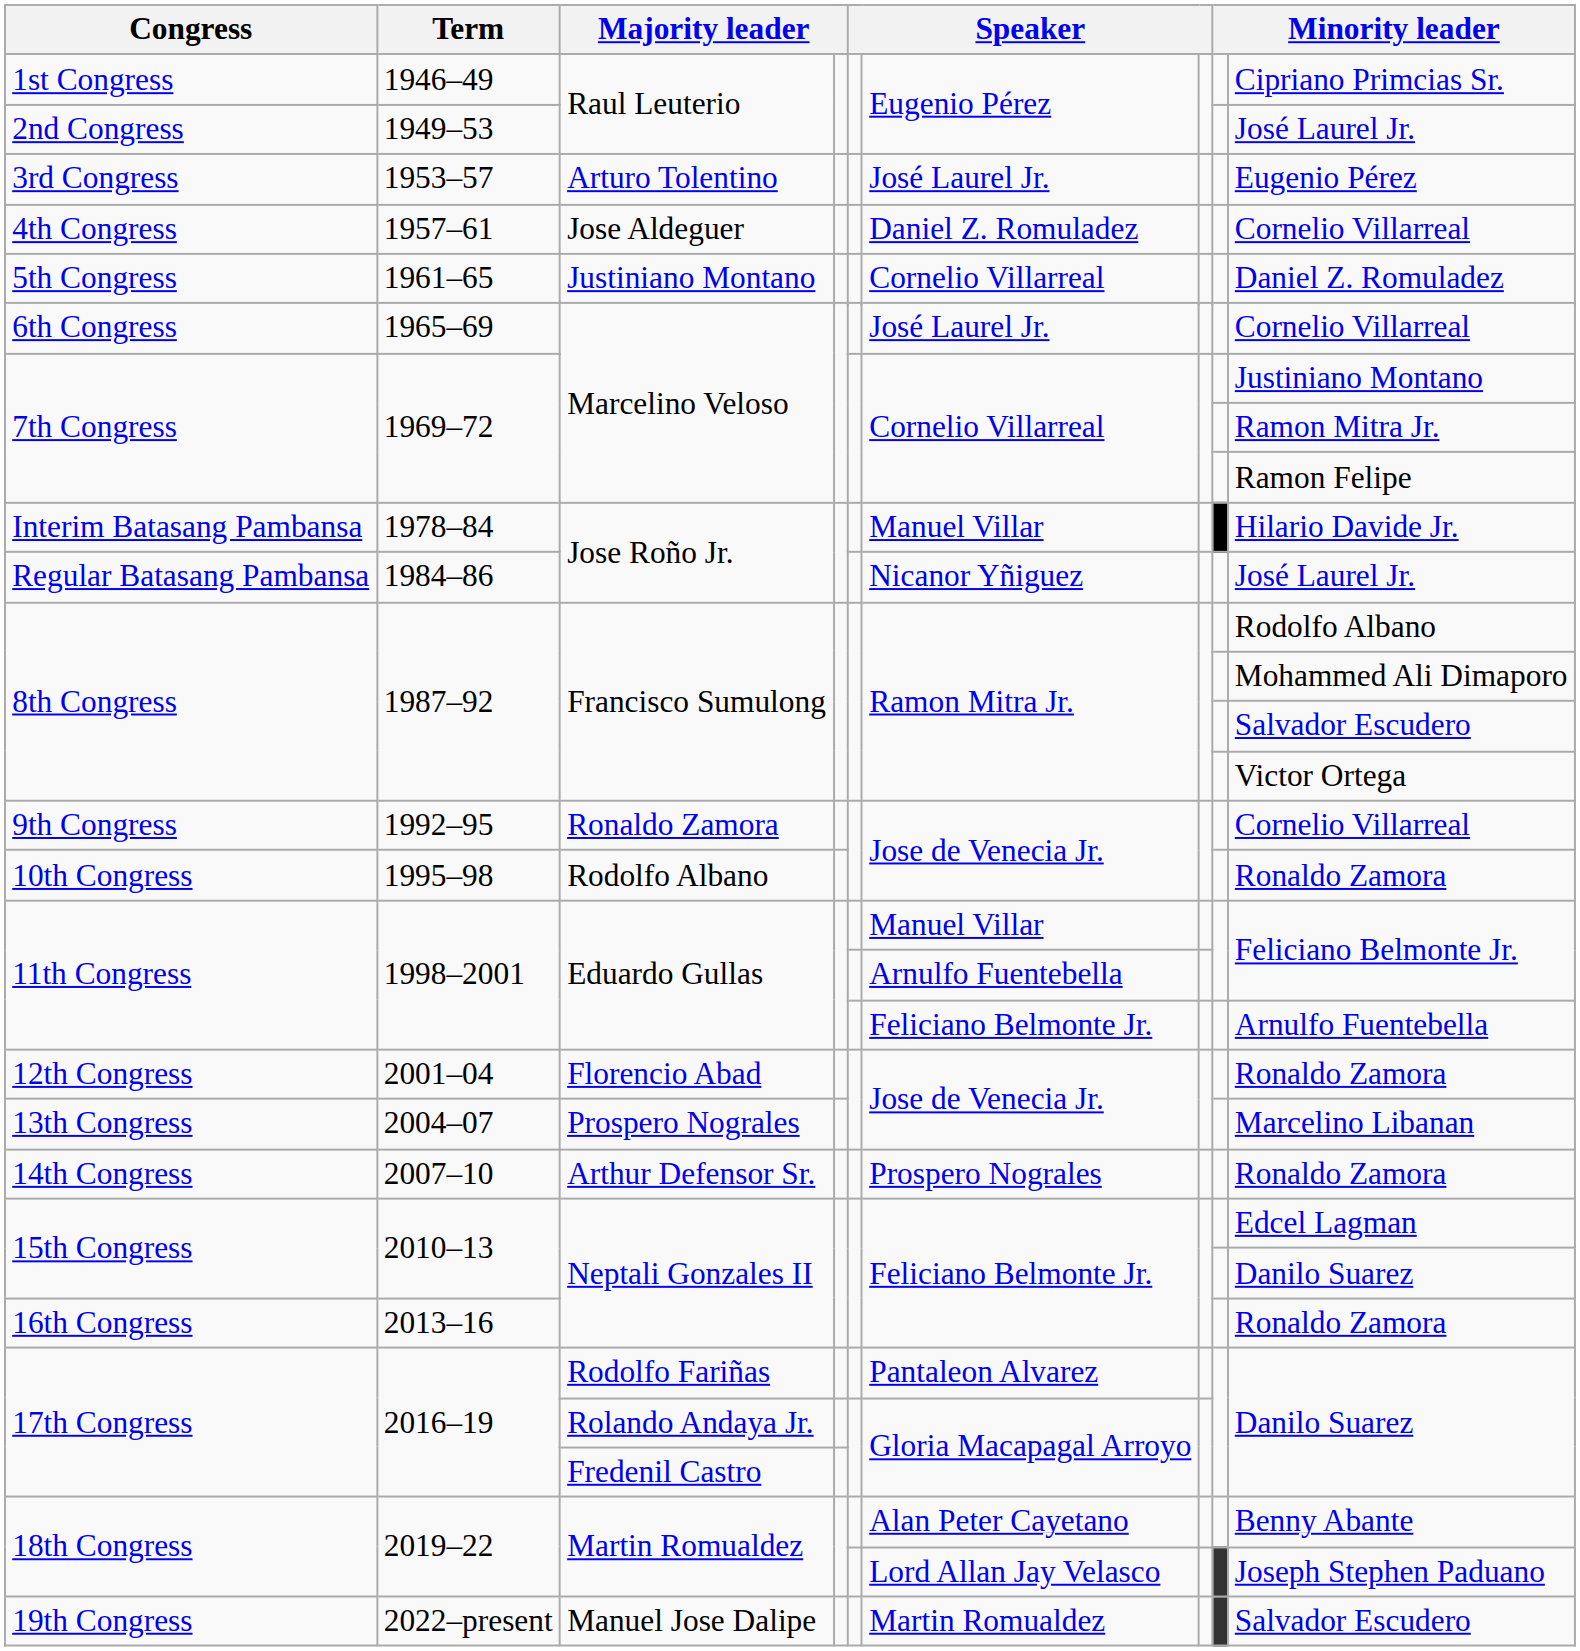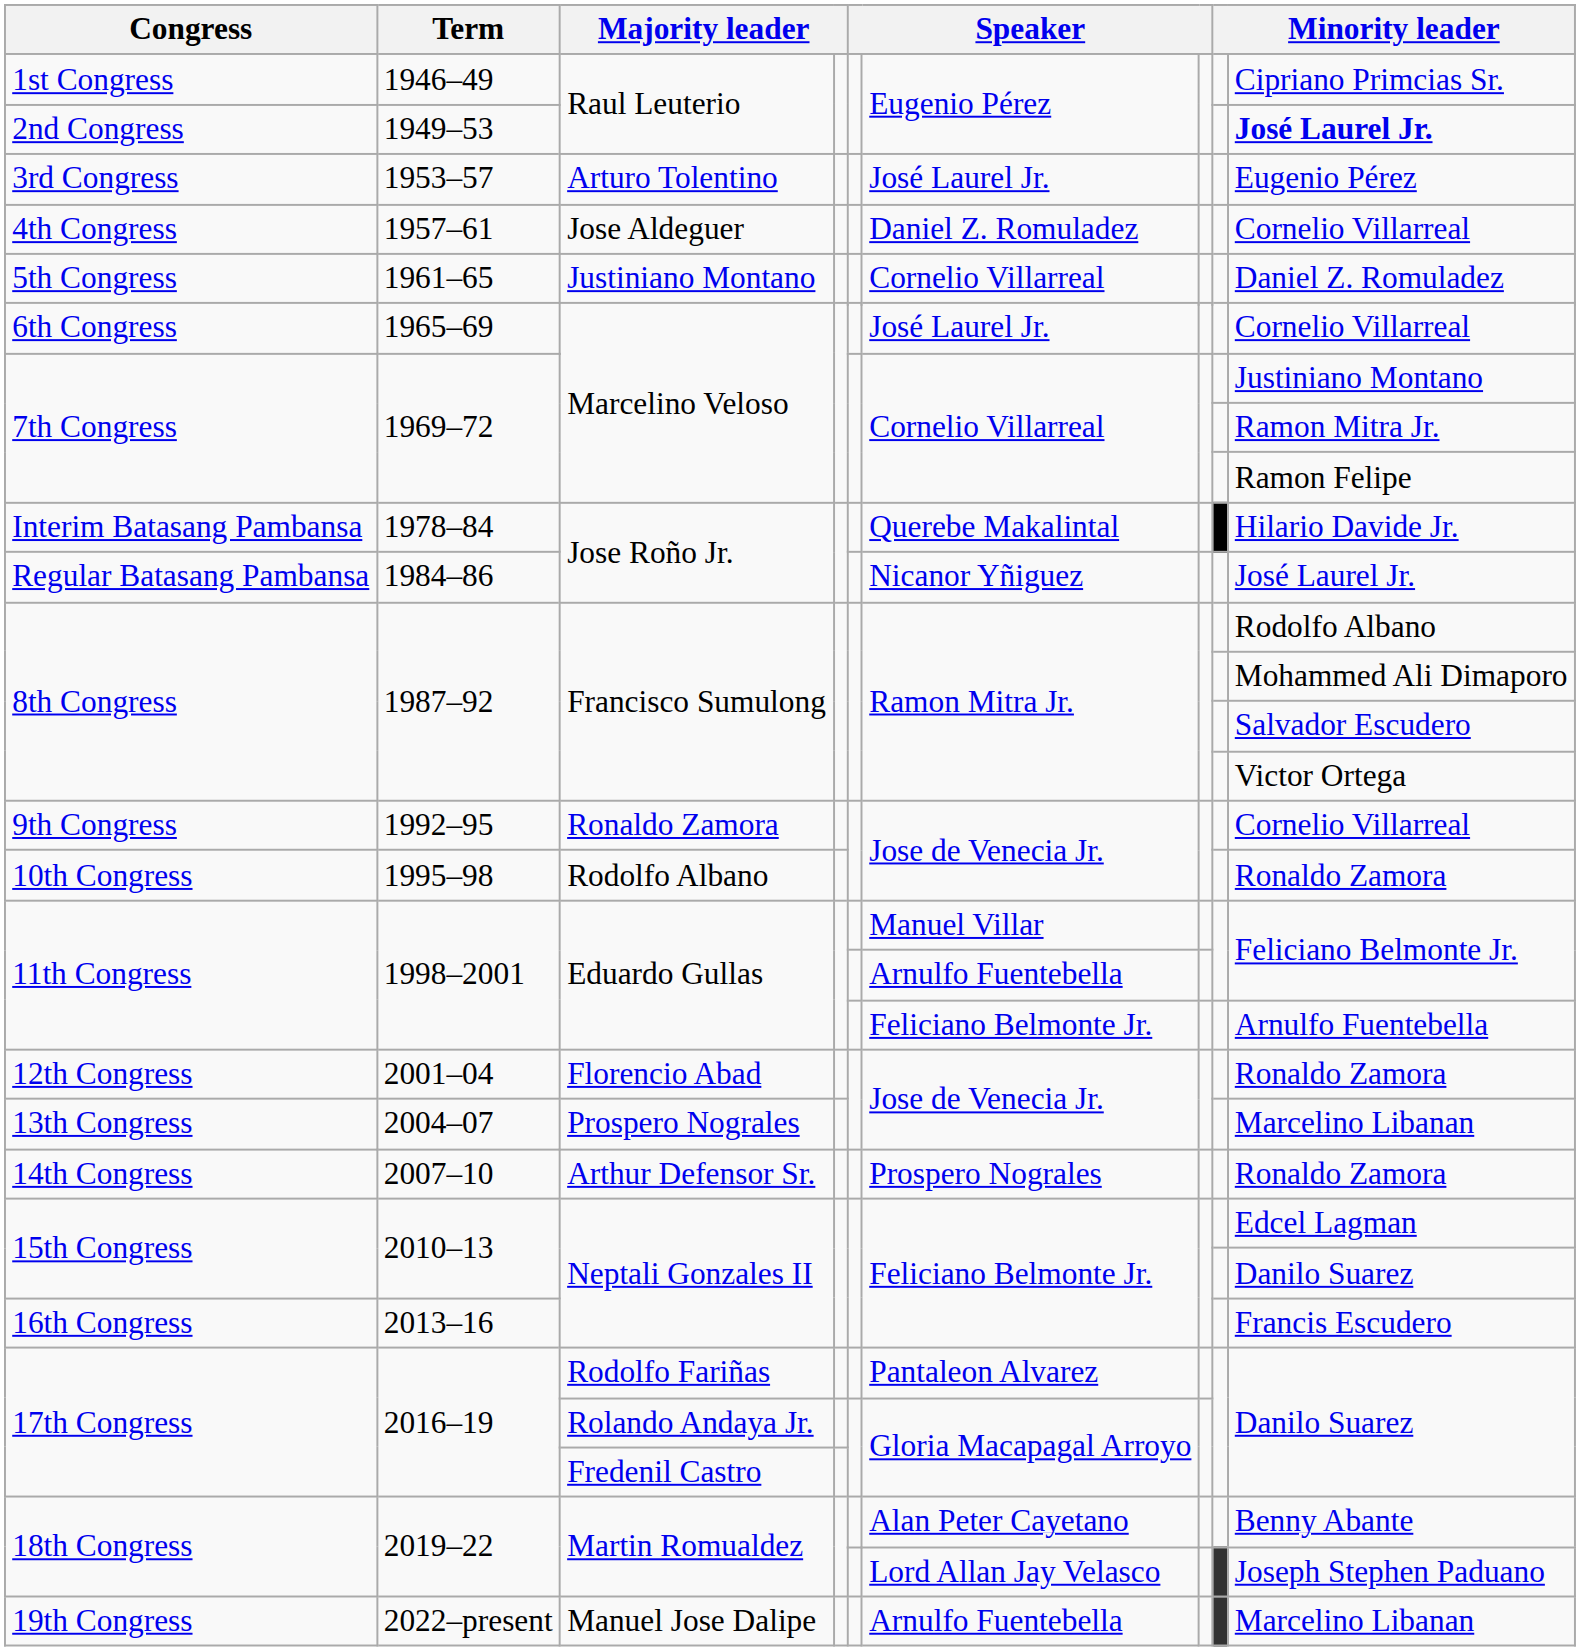 <table class="wikitable">
 <tr>
 <th>Congress</th>
 <th>Term</th>
 <th colspan="2"><a href='#'>Majority leader</a></th>
 <th colspan="3"><a href='#'>Speaker</a></th>
 <th colspan="2"><a href='#'>Minority leader</a></th>
 </tr>
 <tr>
 <td><a href='#'>1st Congress</a></td>
 <td>1946–49</td>
 <td rowspan="2">Raul Leuterio</td>
 <td rowspan="2" bgcolor=></td>
 <td rowspan="2" bgcolor=></td>
 <td rowspan="2"><a href='#'>Eugenio Pérez</a></td>
 <td rowspan="2" bgcolor=></td>
 <td bgcolor=></td>
 <td><a href='#'>Cipriano Primcias Sr.</a></td>
 </tr>
 <tr>
 <td><a href='#'>2nd Congress</a></td>
 <td>1949–53</td>
 <td bgcolor=></td>
-<td><a href='#'>José Laurel Jr.</a></td>
+<td><strong><a href='#'>José Laurel Jr.</a></strong></td>
 </tr>
 <tr>
 <td><a href='#'>3rd Congress</a></td>
 <td>1953–57</td>
 <td><a href='#'>Arturo Tolentino</a></td>
 <td bgcolor=></td>
 <td bgcolor=></td>
 <td><a href='#'>José Laurel Jr.</a></td>
 <td bgcolor=></td>
 <td bgcolor=></td>
 <td><a href='#'>Eugenio Pérez</a></td>
 </tr>
 <tr>
 <td><a href='#'>4th Congress</a></td>
 <td>1957–61</td>
 <td>Jose Aldeguer</td>
 <td bgcolor=></td>
 <td rowspan="2" bgcolor=></td>
 <td rowspan="2"><a href='#'>Daniel Z. Romuladez</a></td>
 <td rowspan="2" bgcolor=></td>
 <td rowspan="2" bgcolor=></td>
 <td rowspan="2"><a href='#'>Cornelio Villarreal</a></td>
 </tr>
 <tr>
 <td rowspan="2"><a href='#'>5th Congress</a></td>
 <td rowspan="2">1961–65</td>
 <td rowspan="3"><a href='#'>Justiniano Montano</a></td>
 <td rowspan="3" bgcolor=></td>
 </tr>
 <tr>
 <td rowspan="2" bgcolor=></td>
 <td rowspan="2"><a href='#'>Cornelio Villarreal</a></td>
 <td rowspan="2" bgcolor=></td>
 <td rowspan="2" bgcolor=></td>
 <td rowspan="2"><a href='#'>Daniel Z. Romuladez</a></td>
 </tr>
 <tr>
 <td rowspan="2"><a href='#'>6th Congress</a></td>
 <td rowspan="2">1965–69</td>
 </tr>
 <tr>
 <td rowspan="5">Marcelino Veloso</td>
 <td rowspan="5" bgcolor=></td>
 <td rowspan="2" bgcolor=></td>
 <td rowspan="2"><a href='#'>José Laurel Jr.</a></td>
 <td rowspan="2" bgcolor=></td>
 <td bgcolor=></td>
 <td><a href='#'>Cornelio Villarreal</a></td>
 </tr>
 <tr>
 <td rowspan="4"><a href='#'>7th Congress</a></td>
 <td rowspan="4">1969–72</td>
 <td rowspan="2" bgcolor=></td>
 <td rowspan="2"><a href='#'>Justiniano Montano</a></td>
 </tr>
 <tr>
 <td rowspan="3" bgcolor=></td>
 <td rowspan="3"><a href='#'>Cornelio Villarreal</a></td>
 <td rowspan="3" bgcolor=></td>
 </tr>
 <tr>
 <td bgcolor=></td>
 <td><a href='#'>Ramon Mitra Jr.</a></td>
 </tr>
 <tr>
 <td bgcolor=></td>
 <td>Ramon Felipe</td>
 </tr>
 <tr>
 <td><a href='#'>Interim Batasang Pambansa</a></td>
 <td>1978–84</td>
 <td rowspan="2">Jose Roño Jr.</td>
 <td rowspan="2" bgcolor=></td>
 <td bgcolor=></td>
-<td><a href='#'>Manuel Villar</a></td>
+<td><a href='#'>Querebe Makalintal</a></td>
 <td bgcolor=></td>
 <td bgcolor=black></td>
 <td><a href='#'>Hilario Davide Jr.</a></td>
 </tr>
 <tr>
 <td><a href='#'>Regular Batasang Pambansa</a></td>
 <td>1984–86</td>
 <td bgcolor=></td>
 <td><a href='#'>Nicanor Yñiguez</a></td>
 <td bgcolor=></td>
 <td bgcolor=></td>
 <td><a href='#'>José Laurel Jr.</a></td>
 </tr>
 <tr>
 <td rowspan="4"><a href='#'>8th Congress</a></td>
 <td rowspan="4">1987–92</td>
 <td rowspan="4">Francisco Sumulong</td>
 <td rowspan="4" bgcolor=></td>
 <td rowspan="4" bgcolor=></td>
 <td rowspan="4"><a href='#'>Ramon Mitra Jr.</a></td>
 <td rowspan="4" bgcolor=></td>
 <td bgcolor=></td>
 <td>Rodolfo Albano</td>
 </tr>
 <tr>
 <td bgcolor=></td>
 <td>Mohammed Ali Dimaporo</td>
 </tr>
 <tr>
 <td bgcolor=></td>
 <td><a href='#'>Salvador Escudero</a></td>
 </tr>
 <tr>
 <td bgcolor=></td>
 <td>Victor Ortega</td>
 </tr>
 <tr>
 <td><a href='#'>9th Congress</a></td>
 <td>1992–95</td>
 <td><a href='#'>Ronaldo Zamora</a></td>
 <td bgcolor=></td>
 <td rowspan="2" bgcolor=></td>
 <td rowspan="2"><a href='#'>Jose de Venecia Jr.</a></td>
 <td rowspan="2" bgcolor=></td>
 <td bgcolor=></td>
 <td><a href='#'>Cornelio Villarreal</a></td>
 </tr>
 <tr>
 <td><a href='#'>10th Congress</a></td>
 <td>1995–98</td>
 <td>Rodolfo Albano</td>
 <td bgcolor=></td>
 <td bgcolor=></td>
 <td><a href='#'>Ronaldo Zamora</a></td>
 </tr>
 <tr>
 <td rowspan="3"><a href='#'>11th Congress</a></td>
 <td rowspan="3">1998–2001</td>
 <td rowspan="3">Eduardo Gullas</td>
 <td rowspan="3" bgcolor=></td>
 <td bgcolor=></td>
 <td><a href='#'>Manuel Villar</a></td>
 <td bgcolor=></td>
 <td rowspan="2" bgcolor=></td>
 <td rowspan="2"><a href='#'>Feliciano Belmonte Jr.</a></td>
 </tr>
 <tr>
 <td bgcolor=></td>
 <td><a href='#'>Arnulfo Fuentebella</a></td>
 <td bgcolor=></td>
 </tr>
 <tr>
 <td bgcolor=></td>
 <td><a href='#'>Feliciano Belmonte Jr.</a></td>
 <td bgcolor=></td>
 <td bgcolor=></td>
 <td><a href='#'>Arnulfo Fuentebella</a></td>
 </tr>
 <tr>
 <td><a href='#'>12th Congress</a></td>
 <td>2001–04</td>
 <td><a href='#'>Florencio Abad</a></td>
 <td bgcolor=></td>
 <td rowspan="3" bgcolor=></td>
 <td rowspan="3"><a href='#'>Jose de Venecia Jr.</a></td>
 <td rowspan="3" bgcolor=></td>
 <td bgcolor=></td>
 <td><a href='#'>Ronaldo Zamora</a></td>
 </tr>
 <tr>
 <td><a href='#'>13th Congress</a></td>
 <td>2004–07</td>
 <td><a href='#'>Prospero Nograles</a></td>
 <td bgcolor=></td>
 <td bgcolor=></td>
 <td><a href='#'>Marcelino Libanan</a></td>
 </tr>
 <tr>
 <td rowspan="2"><a href='#'>14th Congress</a></td>
 <td rowspan="2">2007–10</td>
 <td rowspan="2"><a href='#'>Arthur Defensor Sr.</a></td>
 <td rowspan="2" bgcolor=></td>
 <td rowspan="2" bgcolor=></td>
 <td rowspan="2"><a href='#'>Ronaldo Zamora</a></td>
 </tr>
 <tr>
 <td bgcolor=></td>
 <td><a href='#'>Prospero Nograles</a></td>
 <td bgcolor=></td>
 </tr>
 <tr>
 <td rowspan="2"><a href='#'>15th Congress</a></td>
 <td rowspan="2">2010–13</td>
 <td rowspan="3"><a href='#'>Neptali Gonzales II</a></td>
 <td rowspan="3" bgcolor=></td>
 <td rowspan="3" bgcolor=></td>
 <td rowspan="3"><a href='#'>Feliciano Belmonte Jr.</a></td>
 <td rowspan="3" bgcolor=></td>
 <td bgcolor=></td>
 <td><a href='#'>Edcel Lagman</a></td>
 </tr>
 <tr>
 <td bgcolor=></td>
 <td><a href='#'>Danilo Suarez</a></td>
 </tr>
 <tr>
 <td><a href='#'>16th Congress</a></td>
 <td>2013–16</td>
 <td bgcolor=></td>
-<td><a href='#'>Ronaldo Zamora</a></td>
+<td><a href='#'>Francis Escudero</a></td>
 </tr>
 <tr>
 <td rowspan="3"><a href='#'>17th Congress</a></td>
 <td rowspan="3">2016–19</td>
 <td><a href='#'>Rodolfo Fariñas</a></td>
 <td bgcolor=></td>
 <td bgcolor=></td>
 <td><a href='#'>Pantaleon Alvarez</a></td>
 <td bgcolor=></td>
 <td rowspan="3"></td>
 <td rowspan="3"><a href='#'>Danilo Suarez</a></td>
 </tr>
 <tr>
 <td><a href='#'>Rolando Andaya Jr.</a></td>
 <td></td>
 <td rowspan="2"></td>
 <td rowspan="2"><a href='#'>Gloria Macapagal Arroyo</a></td>
 <td rowspan="2"></td>
 </tr>
 <tr>
 <td><a href='#'>Fredenil Castro</a></td>
 <td></td>
 </tr>
 <tr>
 <td rowspan="3"><a href='#'>18th Congress</a></td>
 <td rowspan="3">2019–22</td>
 <td rowspan="3"><a href='#'>Martin Romualdez</a></td>
 <td rowspan="3" bgcolor=></td>
 <td bgcolor=></td>
 <td><a href='#'>Alan Peter Cayetano</a></td>
 <td bgcolor=></td>
 <td rowspan="2" bgcolor=></td>
 <td rowspan="2"><a href='#'>Benny Abante</a></td>
 </tr>
 <tr>
 <td rowspan="2" bgcolor=></td>
 <td rowspan=2><a href='#'>Lord Allan Jay Velasco</a></td>
 <td rowspan="2" bgcolor=></td>
 </tr>
 <tr>
 <td bgcolor=#333333></td>
 <td><a href='#'>Joseph Stephen Paduano</a></td>
 </tr>
 <tr>
 <td><a href='#'>19th Congress</a></td>
 <td>2022–present</td>
 <td>Manuel Jose Dalipe</td>
 <td></td>
 <td></td>
-<td><a href='#'>Martin Romualdez</a></td>
+<td><a href='#'>Arnulfo Fuentebella</a></td>
 <td></td>
 <td bgcolor=#333333></td>
-<td><a href='#'>Salvador Escudero</a></td>
+<td><a href='#'>Marcelino Libanan</a></td>
 </tr>
 </table>
